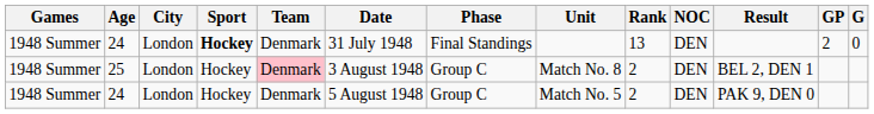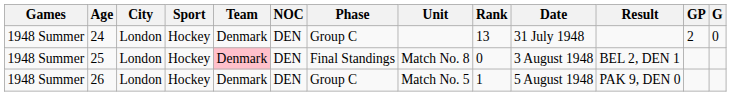 <table class="wikitable">
 <tr>
 <th>Games</th>
 <th>Age</th>
 <th>City</th>
 <th>Sport</th>
 <th>Team</th>
-<th>Date</th>
+<th>NOC</th>
 <th>Phase</th>
 <th>Unit</th>
 <th>Rank</th>
-<th>NOC</th>
+<th>Date</th>
 <th>Result</th>
 <th>GP</th>
 <th>G</th>
 </tr>
 <tr>
 <td>1948 Summer</td>
 <td>24</td>
 <td>London</td>
-<td><strong>Hockey</strong></td>
+<td>Hockey</td>
 <td>Denmark</td>
-<td>31 July 1948</td>
-<td>Final Standings</td>
+<td>DEN</td>
+<td>Group C</td>
 <td></td>
 <td>13</td>
-<td>DEN</td>
+<td>31 July 1948</td>
 <td></td>
 <td>2</td>
 <td>0</td>
 </tr>
 <tr>
 <td>1948 Summer</td>
 <td>25</td>
 <td>London</td>
 <td>Hockey</td>
 <td style="background: pink;">Denmark</td>
+<td>DEN</td>
+<td>Final Standings</td>
+<td>Match No. 8</td>
+<td>0</td>
 <td>3 August 1948</td>
-<td>Group C</td>
-<td>Match No. 8</td>
-<td>2</td>
-<td>DEN</td>
 <td>BEL 2, DEN 1</td>
 <td></td>
 <td></td>
 </tr>
 <tr>
 <td>1948 Summer</td>
-<td>24</td>
+<td>26</td>
 <td>London</td>
 <td>Hockey</td>
 <td>Denmark</td>
-<td>5 August 1948</td>
+<td>DEN</td>
 <td>Group C</td>
 <td>Match No. 5</td>
-<td>2</td>
-<td>DEN</td>
+<td>1</td>
+<td>5 August 1948</td>
 <td>PAK 9, DEN 0</td>
 <td></td>
 <td></td>
 </tr>
 </table>
